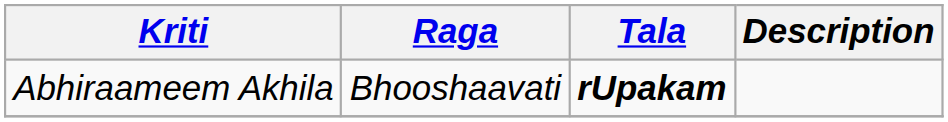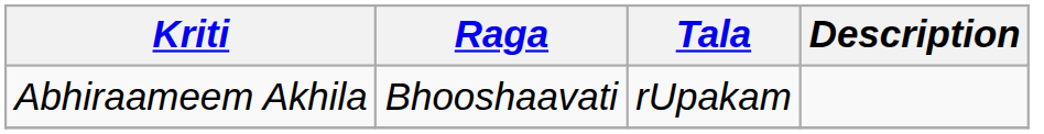 <table class="wikitable">
 <tr>
 <th><em><a href='#'>Kriti</a></em></th>
 <th><em><a href='#'>Raga</a></em></th>
 <th><em><a href='#'>Tala</a></em></th>
 <th><em>Description</em></th>
 </tr>
 <tr>
 <td><em>Abhiraameem Akhila</em></td>
 <td><em>Bhooshaavati</em></td>
-<td><strong><em>rUpakam</em></strong></td>
+<td><em>rUpakam</em></td>
 <td></td>
 </tr>
 <tr>
 </tr>
 </table>
